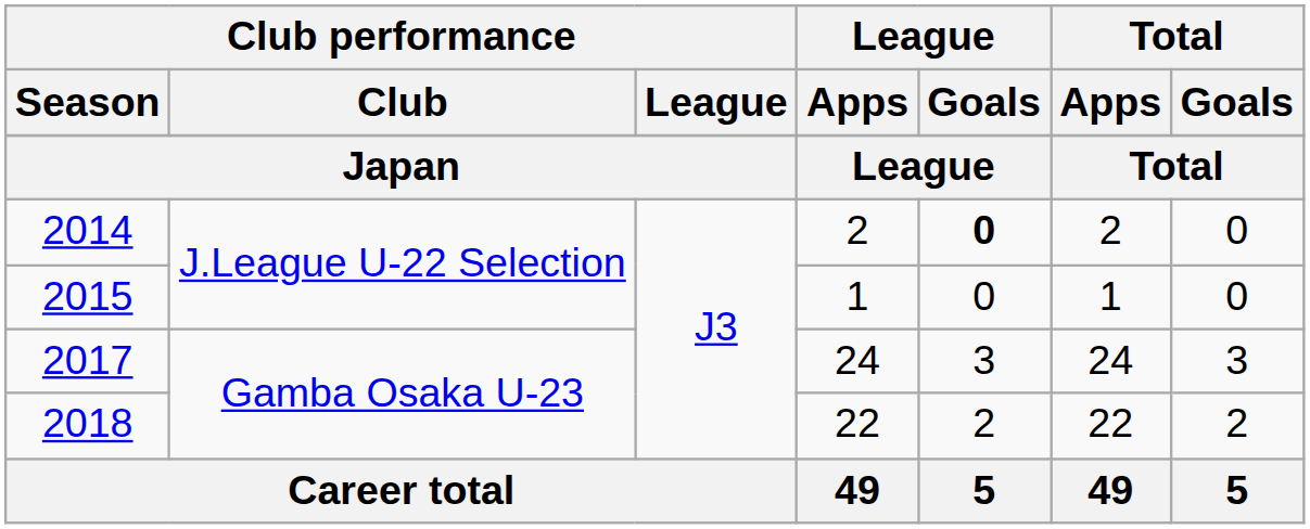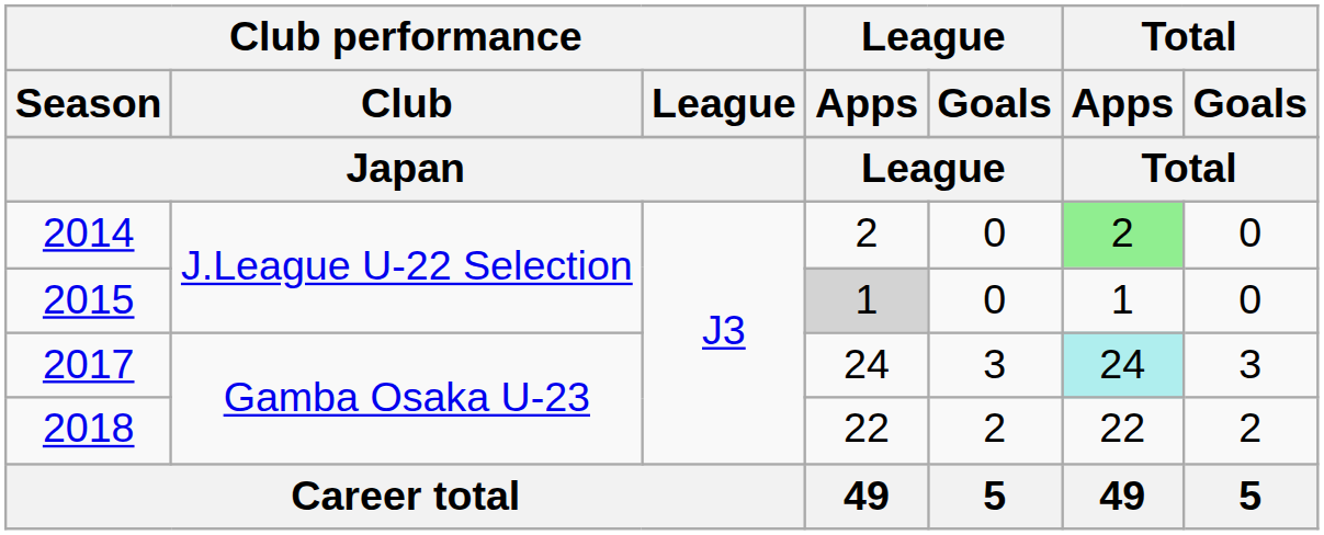 <table class="wikitable" style="text-align:center">
 <tr>
 <th colspan=3>Club performance</th>
 <th colspan=2>League</th>
 <th colspan=2>Total</th>
 </tr>
 <tr>
 <th>Season</th>
 <th>Club</th>
 <th>League</th>
 <th>Apps</th>
 <th>Goals</th>
 <th>Apps</th>
 <th>Goals</th>
 </tr>
 <tr>
 </tr>
 <tr>
 <th colspan=3>Japan</th>
 <th colspan=2>League</th>
 <th colspan=2>Total</th>
 </tr>
 <tr>
 <td><a href='#'>2014</a></td>
 <td rowspan="2"><a href='#'>J.League U-22 Selection</a></td>
 <td rowspan="4"><a href='#'>J3</a></td>
 <td>2</td>
-<td><strong>0</strong></td>
-<td>2</td>
+<td>0</td>
+<td style="background: lightgreen;">2</td>
 <td>0</td>
 </tr>
 <tr>
 <td><a href='#'>2015</a></td>
-<td>1</td>
+<td style="background: lightgrey;">1</td>
 <td>0</td>
 <td>1</td>
 <td>0</td>
 </tr>
 <tr>
 <td><a href='#'>2017</a></td>
 <td rowspan="2"><a href='#'>Gamba Osaka U-23</a></td>
 <td>24</td>
 <td>3</td>
-<td>24</td>
+<td style="background: paleturquoise;">24</td>
 <td>3</td>
 </tr>
 <tr>
 <td><a href='#'>2018</a></td>
 <td>22</td>
 <td>2</td>
 <td>22</td>
 <td>2</td>
 </tr>
 <tr>
 <th colspan=3>Career total</th>
 <th>49</th>
 <th>5</th>
 <th>49</th>
 <th>5</th>
 </tr>
 </table>
